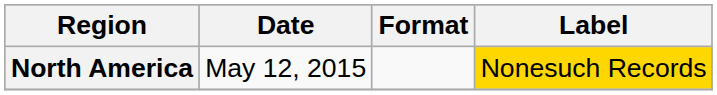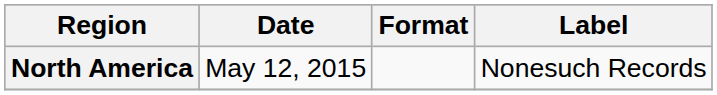 <table class="wikitable plainrowheaders">
 <tr>
 <th scope="col">Region</th>
 <th scope="col">Date</th>
 <th scope="col">Format</th>
 <th scope="col">Label</th>
 </tr>
 <tr>
 <th scope="row">North America</th>
 <td>May 12, 2015</td>
 <td></td>
-<td style="background: gold;">Nonesuch Records</td>
+<td>Nonesuch Records</td>
 </tr>
 <tr>
 </tr>
 </table>
